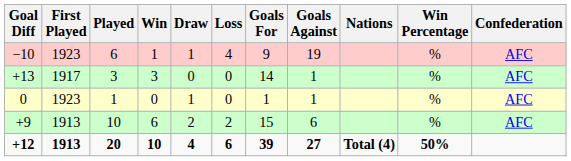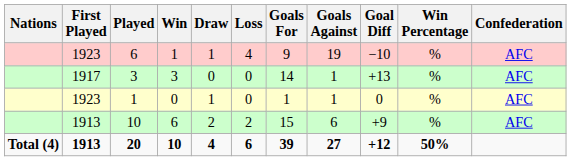 <table class="wikitable sortable" style="text-align: center; font-size: 100%;">
 <tr>
-<th width=35>Goal Diff</th>
+<th>Nations</th>
 <th width=40>First Played</th>
 <th width=30>Played</th>
 <th width=30>Win</th>
 <th width=30>Draw</th>
 <th width=30>Loss</th>
 <th width=35>Goals For</th>
 <th width=35>Goals Against</th>
-<th>Nations</th>
+<th width=35>Goal Diff</th>
 <th width=35>Win Percentage</th>
 <th>Confederation</th>
 </tr>
 <tr style="background:#fcc;">
-<td>−10</td>
+<td align=left></td>
 <td>1923</td>
 <td>6</td>
 <td>1</td>
 <td>1</td>
 <td>4</td>
 <td>9</td>
 <td>19</td>
-<td align=left></td>
+<td>−10</td>
 <td>%</td>
 <td><a href='#'>AFC</a></td>
 </tr>
 <tr style="background:#cfc;">
-<td>+13</td>
+<td align=left></td>
 <td>1917</td>
 <td>3</td>
 <td>3</td>
 <td>0</td>
 <td>0</td>
 <td>14</td>
 <td>1</td>
-<td align=left></td>
+<td>+13</td>
 <td>%</td>
 <td><a href='#'>AFC</a></td>
 </tr>
 <tr style="background:#ffc;">
-<td>0</td>
+<td align=left></td>
 <td>1923</td>
 <td>1</td>
 <td>0</td>
 <td>1</td>
 <td>0</td>
 <td>1</td>
 <td>1</td>
-<td align=left></td>
+<td>0</td>
 <td>%</td>
 <td><a href='#'>AFC</a></td>
 </tr>
 <tr style="background:#cfc;">
-<td>+9</td>
+<td align=left></td>
 <td>1913</td>
 <td>10</td>
 <td>6</td>
 <td>2</td>
 <td>2</td>
 <td>15</td>
 <td>6</td>
-<td align=left></td>
+<td>+9</td>
 <td>%</td>
 <td><a href='#'>AFC</a></td>
 </tr>
 <tr>
-<td><strong>+12</strong></td>
+<td align=center><strong>Total (4)</strong></td>
 <td><strong>1913</strong></td>
 <td><strong>20</strong></td>
 <td><strong>10</strong></td>
 <td><strong>4</strong></td>
 <td><strong>6</strong></td>
 <td><strong>39</strong></td>
 <td><strong>27</strong></td>
-<td align=center><strong>Total (4)</strong></td>
+<td><strong>+12</strong></td>
 <td><strong>50%</strong></td>
 <td></td>
 </tr>
 </table>
